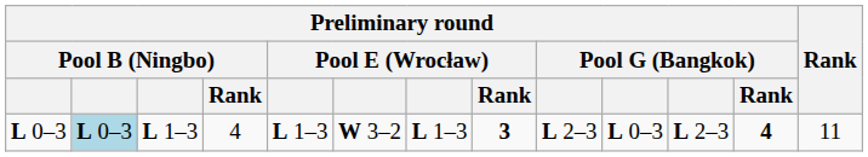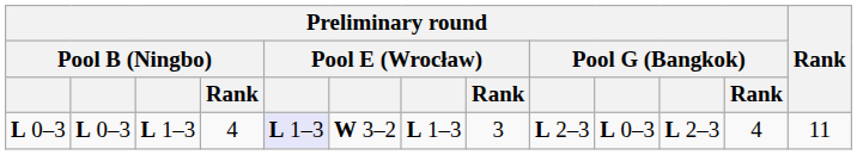 <table class="wikitable" style="font-size:100%;">
 <tr>
 <th colspan=12>Preliminary round</th>
 <th rowspan=3>Rank</th>
 </tr>
 <tr>
 <th colspan=4>Pool B (Ningbo)</th>
 <th colspan=4>Pool E (Wrocław)</th>
 <th colspan=4>Pool G (Bangkok)</th>
 </tr>
 <tr>
 <th></th>
 <th></th>
 <th></th>
 <th>Rank</th>
 <th></th>
 <th></th>
 <th></th>
 <th>Rank</th>
 <th></th>
 <th></th>
 <th></th>
 <th>Rank</th>
 </tr>
 <tr align=center>
 <td><strong>L</strong> 0–3</td>
-<td style="background: lightblue;"><strong>L</strong> 0–3</td>
+<td><strong>L</strong> 0–3</td>
 <td><strong>L</strong> 1–3</td>
 <td>4</td>
-<td><strong>L</strong> 1–3</td>
+<td style="background: lavender;"><strong>L</strong> 1–3</td>
 <td><strong>W</strong> 3–2</td>
 <td><strong>L</strong> 1–3</td>
-<td><strong>3</strong></td>
+<td>3</td>
 <td><strong>L</strong> 2–3</td>
 <td><strong>L</strong> 0–3</td>
 <td><strong>L</strong> 2–3</td>
-<td><strong>4</strong></td>
+<td>4</td>
 <td>11</td>
 </tr>
 </table>
